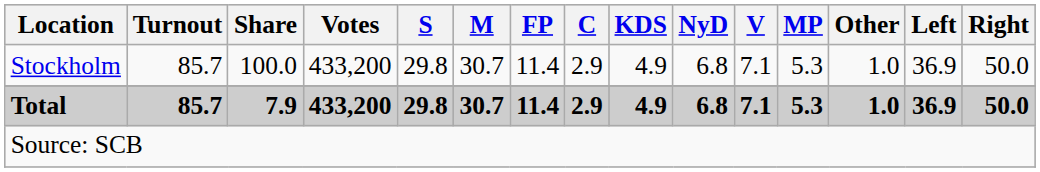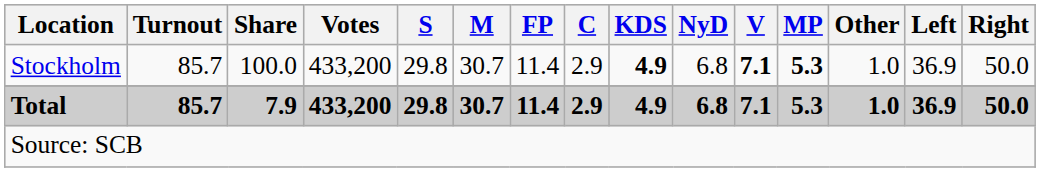 <table class="wikitable sortable" style=text-align:right>
 <tr>
 <th>Location</th>
 <th>Turnout</th>
 <th>Share</th>
 <th>Votes</th>
 <th><a href='#'>S</a></th>
 <th><a href='#'>M</a></th>
 <th><a href='#'>FP</a></th>
 <th><a href='#'>C</a></th>
 <th><a href='#'>KDS</a></th>
 <th><a href='#'>NyD</a></th>
 <th><a href='#'>V</a></th>
 <th><a href='#'>MP</a></th>
 <th>Other</th>
 <th>Left</th>
 <th>Right</th>
 </tr>
 <tr>
 <td align=left><a href='#'>Stockholm</a></td>
 <td>85.7</td>
 <td>100.0</td>
 <td>433,200</td>
 <td>29.8</td>
 <td>30.7</td>
 <td>11.4</td>
 <td>2.9</td>
-<td>4.9</td>
+<td><strong>4.9</strong></td>
 <td>6.8</td>
-<td>7.1</td>
-<td>5.3</td>
+<td><strong>7.1</strong></td>
+<td><strong>5.3</strong></td>
 <td>1.0</td>
 <td>36.9</td>
 <td>50.0</td>
 </tr>
 <tr>
 </tr>
 <tr style="background:#CDCDCD;">
 <td align=left><strong>Total</strong></td>
 <td><strong>85.7</strong></td>
 <td><strong>7.9</strong></td>
 <td><strong>433,200</strong></td>
 <td><strong>29.8</strong></td>
 <td><strong>30.7</strong></td>
 <td><strong>11.4</strong></td>
 <td><strong>2.9</strong></td>
 <td><strong>4.9</strong></td>
 <td><strong>6.8</strong></td>
 <td><strong>7.1</strong></td>
 <td><strong>5.3</strong></td>
 <td><strong>1.0</strong></td>
 <td><strong>36.9</strong></td>
 <td><strong>50.0</strong></td>
 </tr>
 <tr>
 <td align=left colspan=15>Source: SCB </td>
 </tr>
 </table>
